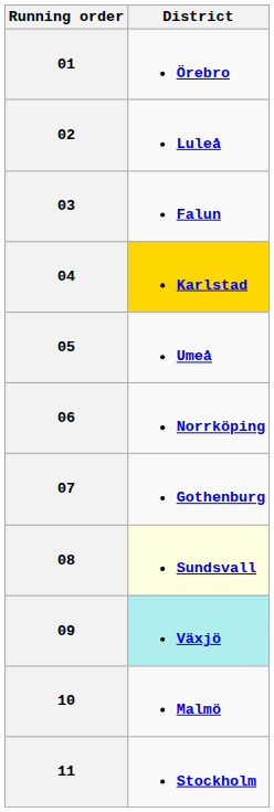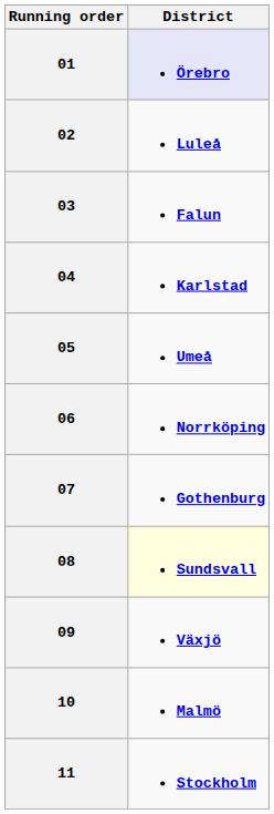 <table class="wikitable">
 <tr>
 <th>Running order</th>
 <th>District</th>
 </tr>
 <tr>
 <th>01</th>
-<td><br><ul><li><strong> <a href='#'>Örebro</a></strong></li></ul></td>
+<td style="background: lavender;"><br><ul><li><strong> <a href='#'>Örebro</a></strong></li></ul></td>
 </tr>
 <tr>
 <th>02</th>
 <td><br><ul><li><strong> <a href='#'>Luleå</a></strong></li></ul></td>
 </tr>
 <tr>
 <th>03</th>
 <td><br><ul><li><strong> <a href='#'>Falun</a></strong></li></ul></td>
 </tr>
 <tr>
 <th>04</th>
-<td style="background: gold;"><br><ul><li><strong> <a href='#'>Karlstad</a></strong></li></ul></td>
+<td><br><ul><li><strong> <a href='#'>Karlstad</a></strong></li></ul></td>
 </tr>
 <tr>
 <th>05</th>
 <td><br><ul><li><strong> <a href='#'>Umeå</a></strong></li></ul></td>
 </tr>
 <tr>
 <th>06</th>
 <td><br><ul><li><strong> <a href='#'>Norrköping</a></strong></li></ul></td>
 </tr>
 <tr>
 <th>07</th>
 <td><br><ul><li><strong> <a href='#'>Gothenburg</a></strong></li></ul></td>
 </tr>
 <tr>
 <th>08</th>
 <td style="background: lightyellow;"><br><ul><li><strong> <a href='#'>Sundsvall</a></strong></li></ul></td>
 </tr>
 <tr>
 <th>09</th>
-<td style="background: paleturquoise;"><br><ul><li><strong> <a href='#'>Växjö</a></strong></li></ul></td>
+<td><br><ul><li><strong> <a href='#'>Växjö</a></strong></li></ul></td>
 </tr>
 <tr>
 <th>10</th>
 <td><br><ul><li><strong> <a href='#'>Malmö</a></strong></li></ul></td>
 </tr>
 <tr>
 <th>11</th>
 <td><br><ul><li><strong> <a href='#'>Stockholm</a></strong></li></ul></td>
 </tr>
 </table>
